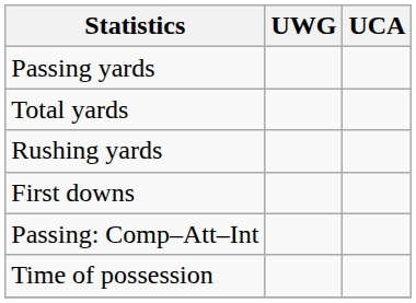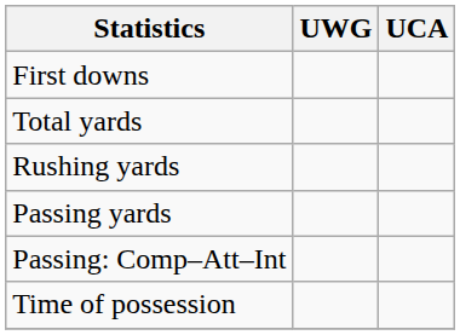 <table class="wikitable" style="float: left;">
 <tr>
 <th>Statistics</th>
 <th>UWG</th>
 <th>UCA</th>
 </tr>
 <tr>
-<td>Passing yards</td>
+<td>First downs</td>
 <td></td>
 <td></td>
 </tr>
 <tr>
 <td>Total yards</td>
 <td></td>
 <td></td>
 </tr>
 <tr>
 <td>Rushing yards</td>
 <td></td>
 <td></td>
 </tr>
 <tr>
-<td>First downs</td>
+<td>Passing yards</td>
 <td></td>
 <td></td>
 </tr>
 <tr>
 <td>Passing: Comp–Att–Int</td>
 <td></td>
 <td></td>
 </tr>
 <tr>
 <td>Time of possession</td>
 <td></td>
 <td></td>
 </tr>
 <tr>
 </tr>
 </table>
